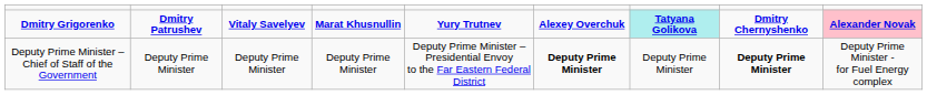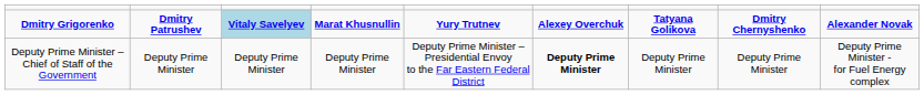 <table class="wikitable" style="font-size:90%; text-align:center;">
 <tr>
 <td></td>
 <td></td>
 <td></td>
 <td></td>
 <td></td>
 <td></td>
 <td></td>
 <td></td>
 <td></td>
 </tr>
 <tr>
 <td><strong><a href='#'>Dmitry Grigorenko</a></strong></td>
 <td><strong><a href='#'>Dmitry Patrushev</a></strong></td>
-<td><strong><a href='#'>Vitaly Savelyev</a></strong></td>
+<td style="background: lightblue;"><strong><a href='#'>Vitaly Savelyev</a></strong></td>
 <td><strong><a href='#'>Marat Khusnullin</a></strong></td>
 <td><strong><a href='#'>Yury Trutnev</a></strong></td>
 <td><strong><a href='#'>Alexey Overchuk</a></strong></td>
-<td style="background: paleturquoise;"><strong><a href='#'>Tatyana Golikova</a></strong></td>
+<td><strong><a href='#'>Tatyana Golikova</a></strong></td>
 <td><strong><a href='#'>Dmitry Chernyshenko</a></strong></td>
-<td style="background: pink;"><strong><a href='#'>Alexander Novak</a></strong></td>
+<td><strong><a href='#'>Alexander Novak</a></strong></td>
 </tr>
 <tr>
 <td>Deputy Prime Minister –<br>Chief of Staff of the <a href='#'>Government</a></td>
 <td>Deputy Prime Minister</td>
 <td>Deputy Prime Minister</td>
 <td>Deputy Prime Minister</td>
 <td>Deputy Prime Minister –<br>Presidential Envoy<br>to the <a href='#'>Far Eastern Federal District</a></td>
 <td><strong>Deputy Prime Minister</strong></td>
 <td>Deputy Prime Minister</td>
-<td><strong>Deputy Prime Minister</strong></td>
+<td>Deputy Prime Minister</td>
 <td>Deputy Prime Minister -<br>for Fuel Energy complex</td>
 </tr>
 </table>
